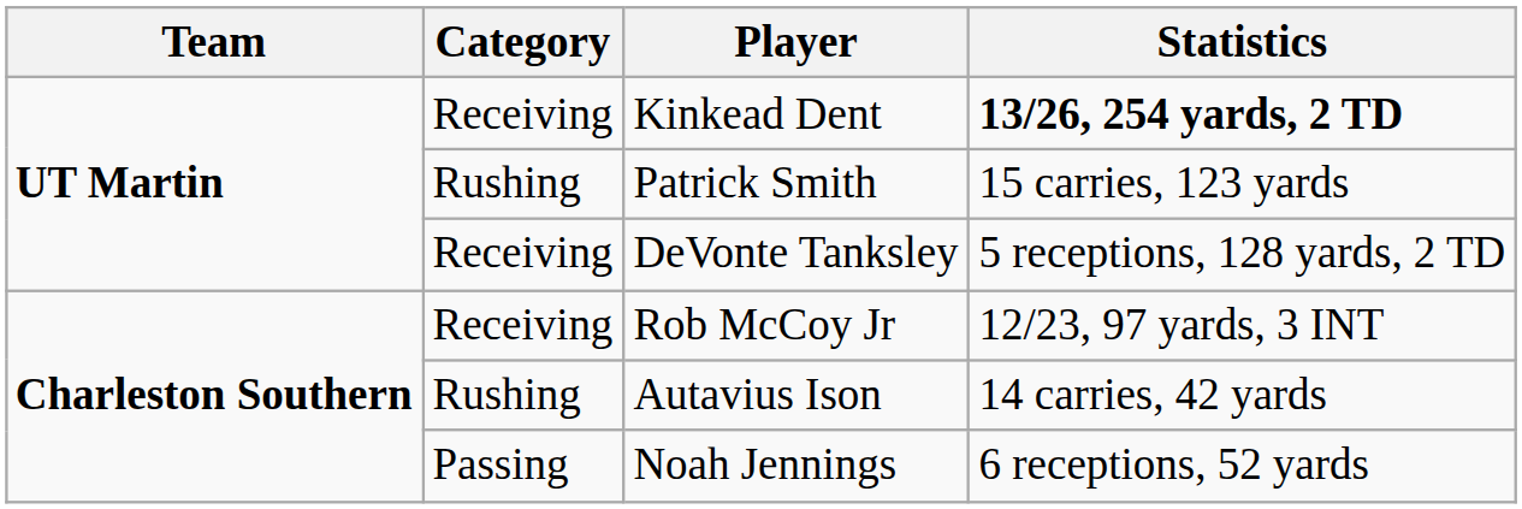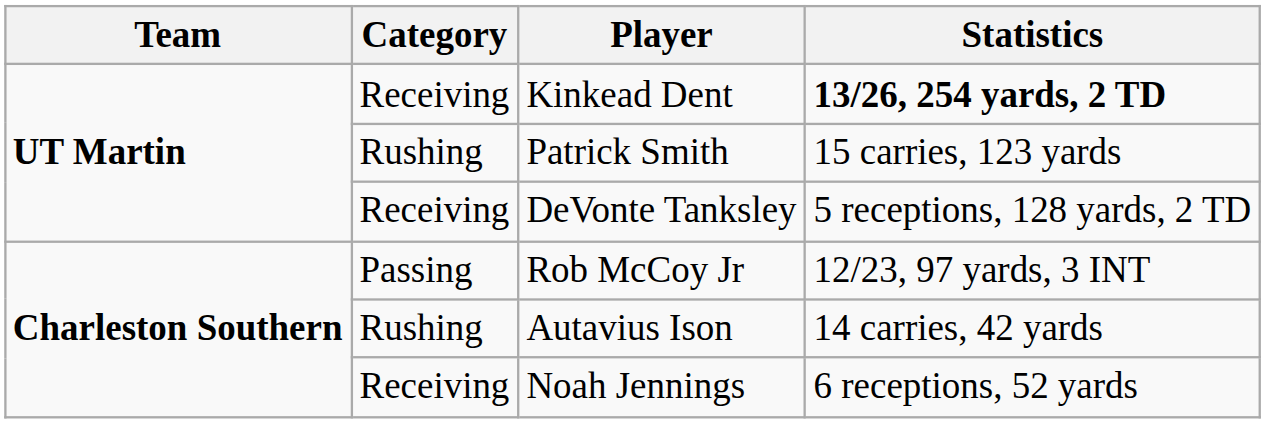 <table class="wikitable" style="float: right;">
 <tr>
 <th>Team</th>
 <th>Category</th>
 <th>Player</th>
 <th>Statistics</th>
 </tr>
 <tr>
 <td rowspan=3><strong>UT Martin</strong></td>
 <td>Receiving</td>
 <td>Kinkead Dent</td>
 <td><strong>13/26, 254 yards, 2 TD</strong></td>
 </tr>
 <tr>
 <td>Rushing</td>
 <td>Patrick Smith</td>
 <td>15 carries, 123 yards</td>
 </tr>
 <tr>
 <td>Receiving</td>
 <td>DeVonte Tanksley</td>
 <td>5 receptions, 128 yards, 2 TD</td>
 </tr>
 <tr>
 <td rowspan=3><strong>Charleston Southern</strong></td>
-<td>Receiving</td>
+<td>Passing</td>
 <td>Rob McCoy Jr</td>
 <td>12/23, 97 yards, 3 INT</td>
 </tr>
 <tr>
 <td>Rushing</td>
 <td>Autavius Ison</td>
 <td>14 carries, 42 yards</td>
 </tr>
 <tr>
-<td>Passing</td>
+<td>Receiving</td>
 <td>Noah Jennings</td>
 <td>6 receptions, 52 yards</td>
 </tr>
 </table>
